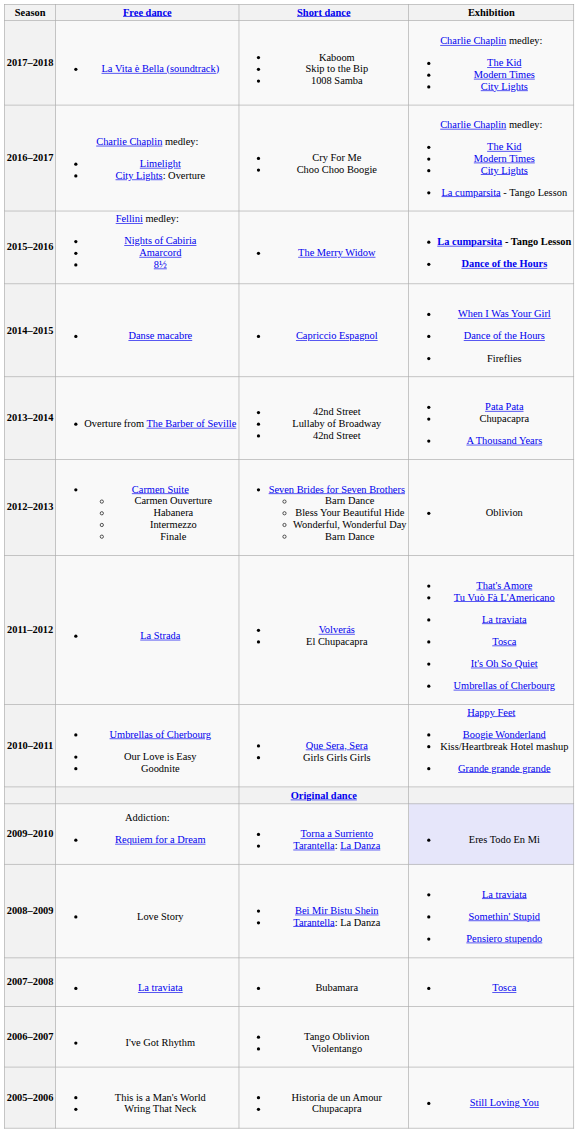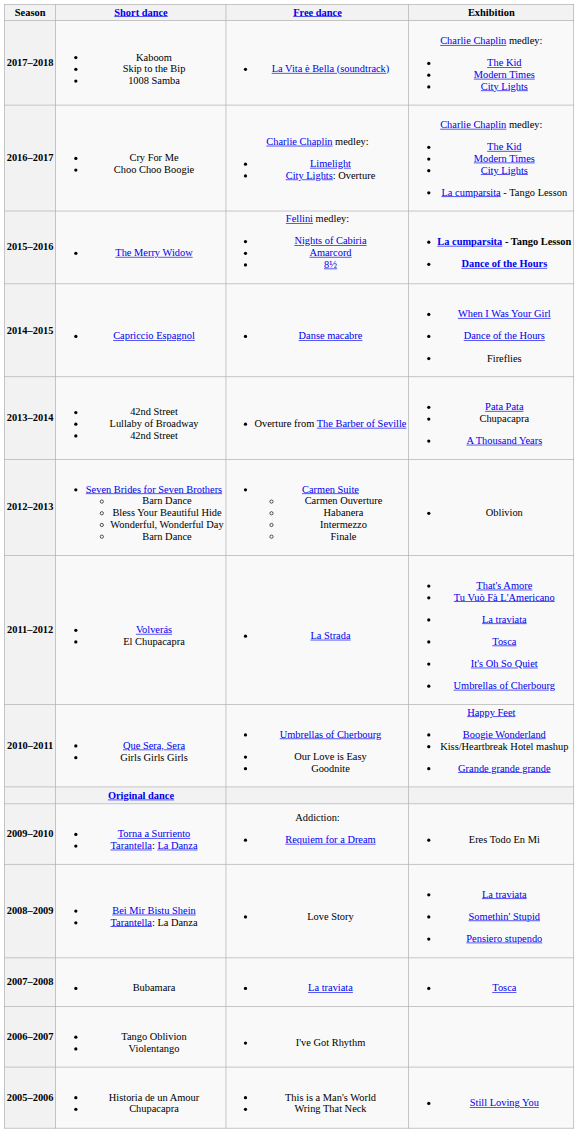 <table class="wikitable" style="text-align:center">
 <tr>
 <th>Season</th>
+<th><a href='#'>Short dance</a></th>
 <th><a href='#'>Free dance</a></th>
-<th><a href='#'>Short dance</a></th>
 <th>Exhibition</th>
 </tr>
 <tr>
 <th>2017–2018 <br> </th>
+<td><br><ul><li> Kaboom <br> </li><li> Skip to the Bip <br> </li><li> 1008 Samba</li></ul></td>
 <td><br><ul><li><a href='#'>La Vita è Bella (soundtrack)</a> <br> </li></ul></td>
-<td><br><ul><li> Kaboom <br> </li><li> Skip to the Bip <br> </li><li> 1008 Samba</li></ul></td>
 <td><br><a href='#'>Charlie Chaplin</a> medley:<ul><li><a href='#'>The Kid</a></li><li><a href='#'>Modern Times</a></li><li><a href='#'>City Lights</a></li></ul></td>
 </tr>
 <tr>
 <th>2016–2017 <br> </th>
+<td><br><ul><li> Cry For Me</li><li> Choo Choo Boogie</li></ul></td>
 <td><br><a href='#'>Charlie Chaplin</a> medley:<ul><li><a href='#'>Limelight</a></li><li><a href='#'>City Lights</a>: Overture</li></ul></td>
-<td><br><ul><li> Cry For Me</li><li> Choo Choo Boogie</li></ul></td>
 <td><br> <a href='#'>Charlie Chaplin</a> medley:<ul><li><a href='#'>The Kid</a></li><li><a href='#'>Modern Times</a></li><li><a href='#'>City Lights</a></li></ul><ul><li><a href='#'>La cumparsita</a> - Tango Lesson</li></ul></td>
 </tr>
 <tr>
 <th>2015–2016 <br> </th>
+<td><br><ul><li> <a href='#'>The Merry Widow</a> <br></li></ul></td>
 <td><a href='#'>Fellini</a> medley:<br><ul><li><a href='#'>Nights of Cabiria</a></li><li><a href='#'>Amarcord</a></li><li><a href='#'>8½</a> <br></li></ul></td>
-<td><br><ul><li> <a href='#'>The Merry Widow</a> <br></li></ul></td>
 <td><strong><br><ul><li><a href='#'>La cumparsita</a> - Tango Lesson</li></ul><ul><li><a href='#'>Dance of the Hours</a> <br></li></ul></strong></td>
 </tr>
 <tr>
 <th>2014–2015 <br> </th>
+<td><br><ul><li> <a href='#'>Capriccio Espagnol</a> <br></li></ul></td>
 <td><br><ul><li><a href='#'>Danse macabre</a> <br></li></ul></td>
-<td><br><ul><li> <a href='#'>Capriccio Espagnol</a> <br></li></ul></td>
 <td><br><ul><li><a href='#'>When I Was Your Girl</a> <br></li></ul><ul><li><a href='#'>Dance of the Hours</a> <br></li></ul><ul><li>Fireflies <br></li></ul></td>
 </tr>
 <tr>
 <th>2013–2014 <br> </th>
+<td><br><ul><li> 42nd Street</li><li> Lullaby of Broadway</li><li> 42nd Street</li></ul></td>
 <td><br><ul><li>Overture from <a href='#'>The Barber of Seville</a> <br></li></ul></td>
-<td><br><ul><li> 42nd Street</li><li> Lullaby of Broadway</li><li> 42nd Street</li></ul></td>
 <td><br><ul><li><a href='#'>Pata Pata</a> <br></li><li>Chupacapra</li></ul><ul><li><a href='#'>A Thousand Years</a> <br></li></ul></td>
 </tr>
 <tr>
 <th>2012–2013 <br> </th>
+<td><br><ul><li><a href='#'>Seven Brides for Seven Brothers</a> <br><ul><li> Barn Dance</li><li> Bless Your Beautiful Hide</li><li> Wonderful, Wonderful Day</li><li> Barn Dance <br></li></ul></li></ul></td>
 <td><br><ul><li><a href='#'>Carmen Suite</a> <br><ul><li>Carmen Ouverture</li><li>Habanera</li><li>Intermezzo</li><li>Finale <br></li></ul></li></ul></td>
-<td><br><ul><li><a href='#'>Seven Brides for Seven Brothers</a> <br><ul><li> Barn Dance</li><li> Bless Your Beautiful Hide</li><li> Wonderful, Wonderful Day</li><li> Barn Dance <br></li></ul></li></ul></td>
 <td><br><ul><li>Oblivion <br></li></ul></td>
 </tr>
 <tr>
 <th>2011–2012 <br> </th>
+<td><br><ul><li> <a href='#'>Volverás</a> <br></li><li> El Chupacapra</li></ul></td>
 <td><br><ul><li><a href='#'>La Strada</a> <br></li></ul></td>
-<td><br><ul><li> <a href='#'>Volverás</a> <br></li><li> El Chupacapra</li></ul></td>
 <td><br><ul><li><a href='#'>That's Amore</a> <br></li><li><a href='#'>Tu Vuò Fà L'Americano</a> <br></li></ul><ul><li><a href='#'>La traviata</a> <br></li></ul><ul><li><a href='#'>Tosca</a> <br></li></ul><ul><li><a href='#'>It's Oh So Quiet</a> <br></li></ul><ul><li><a href='#'>Umbrellas of Cherbourg</a> <br> </li></ul></td>
 </tr>
 <tr>
 <th>2010–2011 <br> </th>
+<td><br><ul><li> <a href='#'>Que Sera, Sera</a> <br></li><li> Girls Girls Girls <br></li></ul></td>
 <td><br><ul><li><a href='#'>Umbrellas of Cherbourg</a> <br> </li></ul><ul><li>Our Love is Easy</li><li>Goodnite <br></li></ul></td>
-<td><br><ul><li> <a href='#'>Que Sera, Sera</a> <br></li><li> Girls Girls Girls <br></li></ul></td>
 <td><a href='#'>Happy Feet</a><br><ul><li><a href='#'>Boogie Wonderland</a></li><li>Kiss/Heartbreak Hotel mashup</li></ul><ul><li><a href='#'>Grande grande grande</a> <br></li></ul></td>
 </tr>
 <tr>
 <th></th>
+<th><a href='#'>Original dance</a></th>
 <th></th>
-<th><a href='#'>Original dance</a></th>
 <th></th>
 </tr>
 <tr>
 <th>2009–2010 <br> </th>
+<td><br><ul><li><a href='#'>Torna a Surriento</a> <br> </li><li><a href='#'>Tarantella</a>: <a href='#'>La Danza</a> <br></li></ul></td>
 <td>Addiction:<br><ul><li><a href='#'>Requiem for a Dream</a> <br></li></ul></td>
-<td><br><ul><li><a href='#'>Torna a Surriento</a> <br> </li><li><a href='#'>Tarantella</a>: <a href='#'>La Danza</a> <br></li></ul></td>
-<td style="background: lavender;"><br><ul><li>Eres Todo En Mi</li></ul></td>
+<td><br><ul><li>Eres Todo En Mi</li></ul></td>
 </tr>
 <tr>
 <th>2008–2009 <br> </th>
+<td><br><ul><li><a href='#'>Bei Mir Bistu Shein</a> <br></li><li><a href='#'>Tarantella</a>: La Danza <br></li></ul></td>
 <td><br><ul><li>Love Story <br></li></ul></td>
-<td><br><ul><li><a href='#'>Bei Mir Bistu Shein</a> <br></li><li><a href='#'>Tarantella</a>: La Danza <br></li></ul></td>
 <td><br><ul><li><a href='#'>La traviata</a> <br></li></ul><ul><li><a href='#'>Somethin' Stupid</a> <br></li></ul><ul><li><a href='#'>Pensiero stupendo</a> <br></li></ul></td>
 </tr>
 <tr>
 <th>2007–2008 <br> </th>
+<td><br><ul><li>Bubamara <br> </li></ul></td>
 <td><br><ul><li><a href='#'>La traviata</a> <br></li></ul></td>
-<td><br><ul><li>Bubamara <br> </li></ul></td>
 <td><br><ul><li><a href='#'>Tosca</a> <br></li></ul></td>
 </tr>
 <tr>
 <th>2006–2007 <br> </th>
+<td><br><ul><li>Tango Oblivion</li><li>Violentango</li></ul></td>
 <td><br><ul><li>I've Got Rhythm <br></li></ul></td>
-<td><br><ul><li>Tango Oblivion</li><li>Violentango</li></ul></td>
 <td></td>
 </tr>
 <tr>
 <th>2005–2006 <br> </th>
+<td><br><ul><li>Historia de un Amour</li><li>Chupacapra</li></ul></td>
 <td><br><ul><li>This is a Man's World <br></li><li>Wring That Neck <br></li></ul></td>
-<td><br><ul><li>Historia de un Amour</li><li>Chupacapra</li></ul></td>
 <td><br><ul><li><a href='#'>Still Loving You</a> <br></li></ul></td>
 </tr>
 </table>
